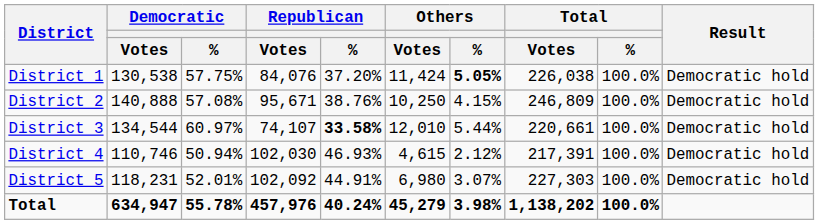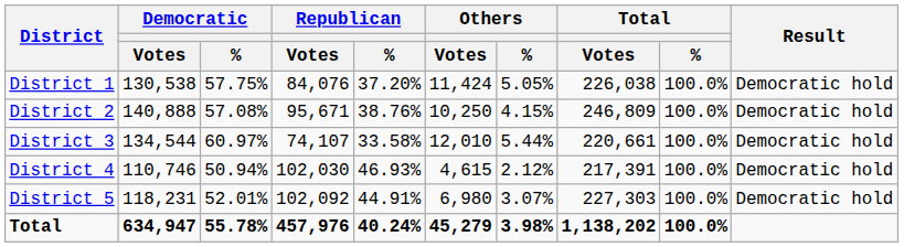 <table class="wikitable plainrowheaders sortable" style="font-size:100%; text-align:right;">
 <tr>
 <th scope=col rowspan=3><a href='#'>District</a></th>
 <th scope=col colspan=2><a href='#'>Democratic</a></th>
 <th scope=col colspan=2><a href='#'>Republican</a></th>
 <th scope=col colspan=2>Others</th>
 <th scope=col colspan=2>Total</th>
 <th scope=col rowspan=3>Result</th>
 </tr>
 <tr>
 <th scope=col colspan=2 style="background:"></th>
 <th scope=col colspan=2 style="background:"></th>
 <th scope=col colspan=2></th>
 <th scope=col colspan=2></th>
 </tr>
 <tr>
 <th scope=col data-sort-type="number">Votes</th>
 <th scope=col data-sort-type="number">%</th>
 <th scope=col data-sort-type="number">Votes</th>
 <th scope=col data-sort-type="number">%</th>
 <th scope=col data-sort-type="number">Votes</th>
 <th scope=col data-sort-type="number">%</th>
 <th scope=col data-sort-type="number">Votes</th>
 <th scope=col data-sort-type="number">%</th>
 </tr>
 <tr>
 <td align=left><a href='#'>District 1</a></td>
 <td>130,538</td>
 <td>57.75%</td>
 <td>84,076</td>
 <td>37.20%</td>
 <td>11,424</td>
-<td><strong>5.05%</strong></td>
+<td>5.05%</td>
 <td>226,038</td>
 <td>100.0%</td>
 <td align=left>Democratic hold</td>
 </tr>
 <tr>
 <td align=left><a href='#'>District 2</a></td>
 <td>140,888</td>
 <td>57.08%</td>
 <td>95,671</td>
 <td>38.76%</td>
 <td>10,250</td>
 <td>4.15%</td>
 <td>246,809</td>
 <td>100.0%</td>
 <td align=left>Democratic hold</td>
 </tr>
 <tr>
 <td align=left><a href='#'>District 3</a></td>
 <td>134,544</td>
 <td>60.97%</td>
 <td>74,107</td>
-<td><strong>33.58%</strong></td>
+<td>33.58%</td>
 <td>12,010</td>
 <td>5.44%</td>
 <td>220,661</td>
 <td>100.0%</td>
 <td align=left>Democratic hold</td>
 </tr>
 <tr>
 <td align=left><a href='#'>District 4</a></td>
 <td>110,746</td>
 <td>50.94%</td>
 <td>102,030</td>
 <td>46.93%</td>
 <td>4,615</td>
 <td>2.12%</td>
 <td>217,391</td>
 <td>100.0%</td>
 <td align=left>Democratic hold</td>
 </tr>
 <tr>
 <td align=left><a href='#'>District 5</a></td>
 <td>118,231</td>
 <td>52.01%</td>
 <td>102,092</td>
 <td>44.91%</td>
 <td>6,980</td>
 <td>3.07%</td>
 <td>227,303</td>
 <td>100.0%</td>
 <td align=left>Democratic hold</td>
 </tr>
 <tr class="sortbottom" style="font-weight:bold">
 <td align=left>Total</td>
 <td>634,947</td>
 <td>55.78%</td>
 <td>457,976</td>
 <td>40.24%</td>
 <td>45,279</td>
 <td>3.98%</td>
 <td>1,138,202</td>
 <td>100.0%</td>
 <td></td>
 </tr>
 </table>
